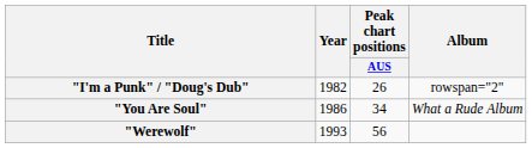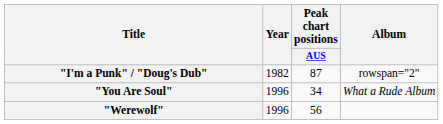 <table class="wikitable plainrowheaders" style="text-align:center;" border="1">
 <tr>
 <th scope="col" rowspan="2" style="width:22em;">Title</th>
 <th scope="col" rowspan="2">Year</th>
 <th scope="col" colspan="1">Peak chart positions</th>
 <th scope="col" rowspan="2">Album</th>
 </tr>
 <tr>
 <th scope="col" style="width:3em; font-size:85%"><a href='#'>AUS</a><br></th>
 </tr>
 <tr>
 <th scope="row">"I'm a Punk" / "Doug's Dub"<br></th>
 <td>1982</td>
-<td>26</td>
+<td>87</td>
 <td>rowspan="2" </td>
 </tr>
 <tr>
 <th scope="row">"You Are Soul"</th>
-<td>1986</td>
+<td>1996</td>
 <td>34</td>
 <td><em>What a Rude Album</em></td>
 </tr>
 <tr>
 <th scope="row">"Werewolf"</th>
-<td>1993</td>
+<td>1996</td>
 <td>56</td>
 </tr>
 </table>
